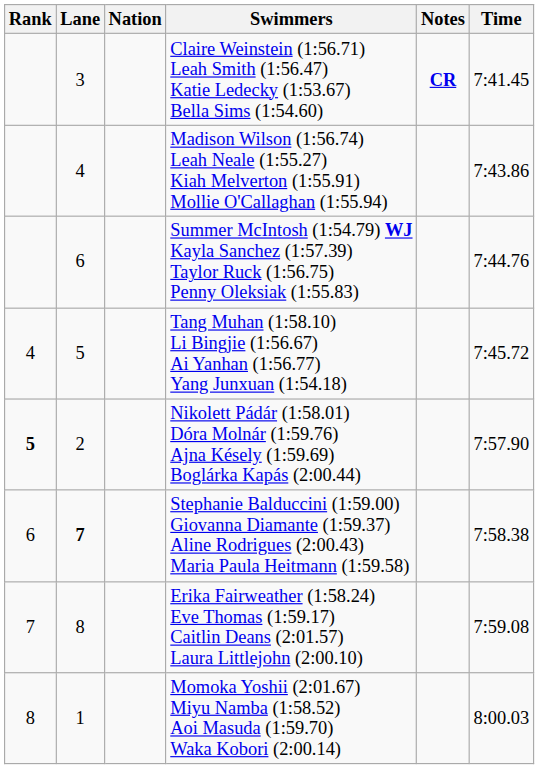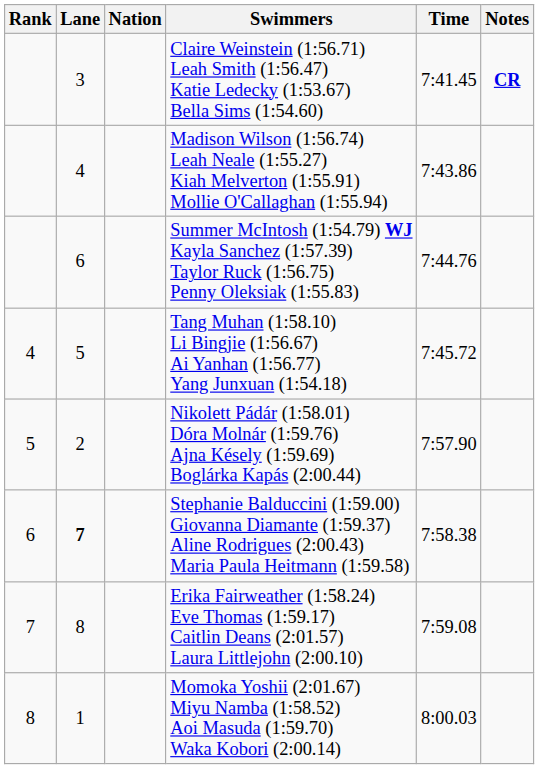 <table class="wikitable sortable" style="text-align:center">
 <tr>
 <th>Rank</th>
 <th>Lane</th>
 <th>Nation</th>
 <th>Swimmers</th>
+<th>Time</th>
 <th>Notes</th>
-<th>Time</th>
 </tr>
 <tr>
 <td></td>
 <td>3</td>
 <td align=left></td>
 <td align=left><a href='#'>Claire Weinstein</a> (1:56.71)<br><a href='#'>Leah Smith</a> (1:56.47)<br><a href='#'>Katie Ledecky</a> (1:53.67)<br><a href='#'>Bella Sims</a> (1:54.60)</td>
+<td>7:41.45</td>
 <td><strong><a href='#'>CR</a></strong></td>
-<td>7:41.45</td>
 </tr>
 <tr>
 <td></td>
 <td>4</td>
 <td align=left></td>
 <td align=left><a href='#'>Madison Wilson</a> (1:56.74)<br><a href='#'>Leah Neale</a> (1:55.27)<br><a href='#'>Kiah Melverton</a> (1:55.91)<br><a href='#'>Mollie O'Callaghan</a> (1:55.94)</td>
+<td>7:43.86</td>
 <td></td>
-<td>7:43.86</td>
 </tr>
 <tr>
 <td></td>
 <td>6</td>
 <td align=left></td>
 <td align=left><a href='#'>Summer McIntosh</a> (1:54.79) <strong><a href='#'>WJ</a></strong><br><a href='#'>Kayla Sanchez</a> (1:57.39)<br><a href='#'>Taylor Ruck</a> (1:56.75)<br><a href='#'>Penny Oleksiak</a> (1:55.83)</td>
+<td>7:44.76</td>
 <td></td>
-<td>7:44.76</td>
 </tr>
 <tr>
 <td>4</td>
 <td>5</td>
 <td align=left></td>
 <td align=left><a href='#'>Tang Muhan</a> (1:58.10)<br><a href='#'>Li Bingjie</a> (1:56.67)<br><a href='#'>Ai Yanhan</a> (1:56.77)<br><a href='#'>Yang Junxuan</a> (1:54.18)</td>
+<td>7:45.72</td>
 <td></td>
-<td>7:45.72</td>
 </tr>
 <tr>
-<td><strong>5</strong></td>
+<td>5</td>
 <td>2</td>
 <td align=left></td>
 <td align=left><a href='#'>Nikolett Pádár</a> (1:58.01)<br><a href='#'>Dóra Molnár</a> (1:59.76)<br><a href='#'>Ajna Késely</a> (1:59.69)<br><a href='#'>Boglárka Kapás</a> (2:00.44)</td>
+<td>7:57.90</td>
 <td></td>
-<td>7:57.90</td>
 </tr>
 <tr>
 <td>6</td>
 <td><strong>7</strong></td>
 <td align=left></td>
 <td align=left><a href='#'>Stephanie Balduccini</a> (1:59.00)<br><a href='#'>Giovanna Diamante</a> (1:59.37)<br><a href='#'>Aline Rodrigues</a> (2:00.43)<br><a href='#'>Maria Paula Heitmann</a> (1:59.58)</td>
+<td>7:58.38</td>
 <td></td>
-<td>7:58.38</td>
 </tr>
 <tr>
 <td>7</td>
 <td>8</td>
 <td align=left></td>
 <td align=left><a href='#'>Erika Fairweather</a> (1:58.24)<br><a href='#'>Eve Thomas</a> (1:59.17)<br><a href='#'>Caitlin Deans</a> (2:01.57)<br><a href='#'>Laura Littlejohn</a> (2:00.10)</td>
+<td>7:59.08</td>
 <td></td>
-<td>7:59.08</td>
 </tr>
 <tr>
 <td>8</td>
 <td>1</td>
 <td align=left></td>
 <td align=left><a href='#'>Momoka Yoshii</a> (2:01.67)<br><a href='#'>Miyu Namba</a> (1:58.52)<br><a href='#'>Aoi Masuda</a> (1:59.70)<br><a href='#'>Waka Kobori</a> (2:00.14)</td>
+<td>8:00.03</td>
 <td></td>
-<td>8:00.03</td>
 </tr>
 </table>
